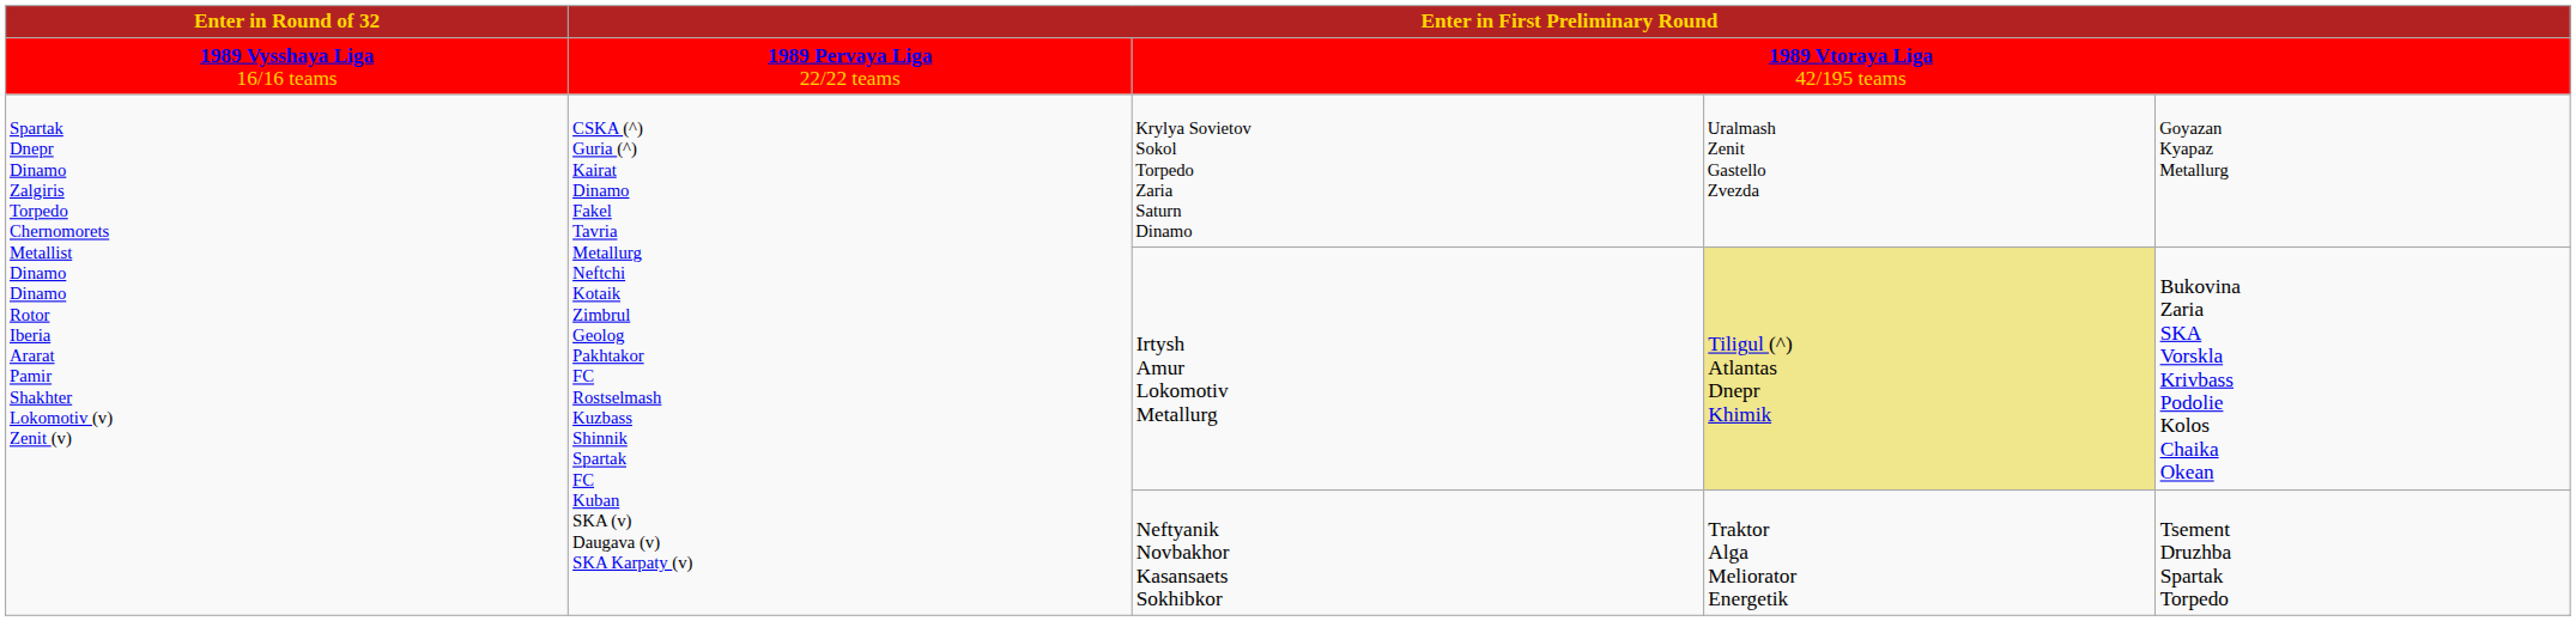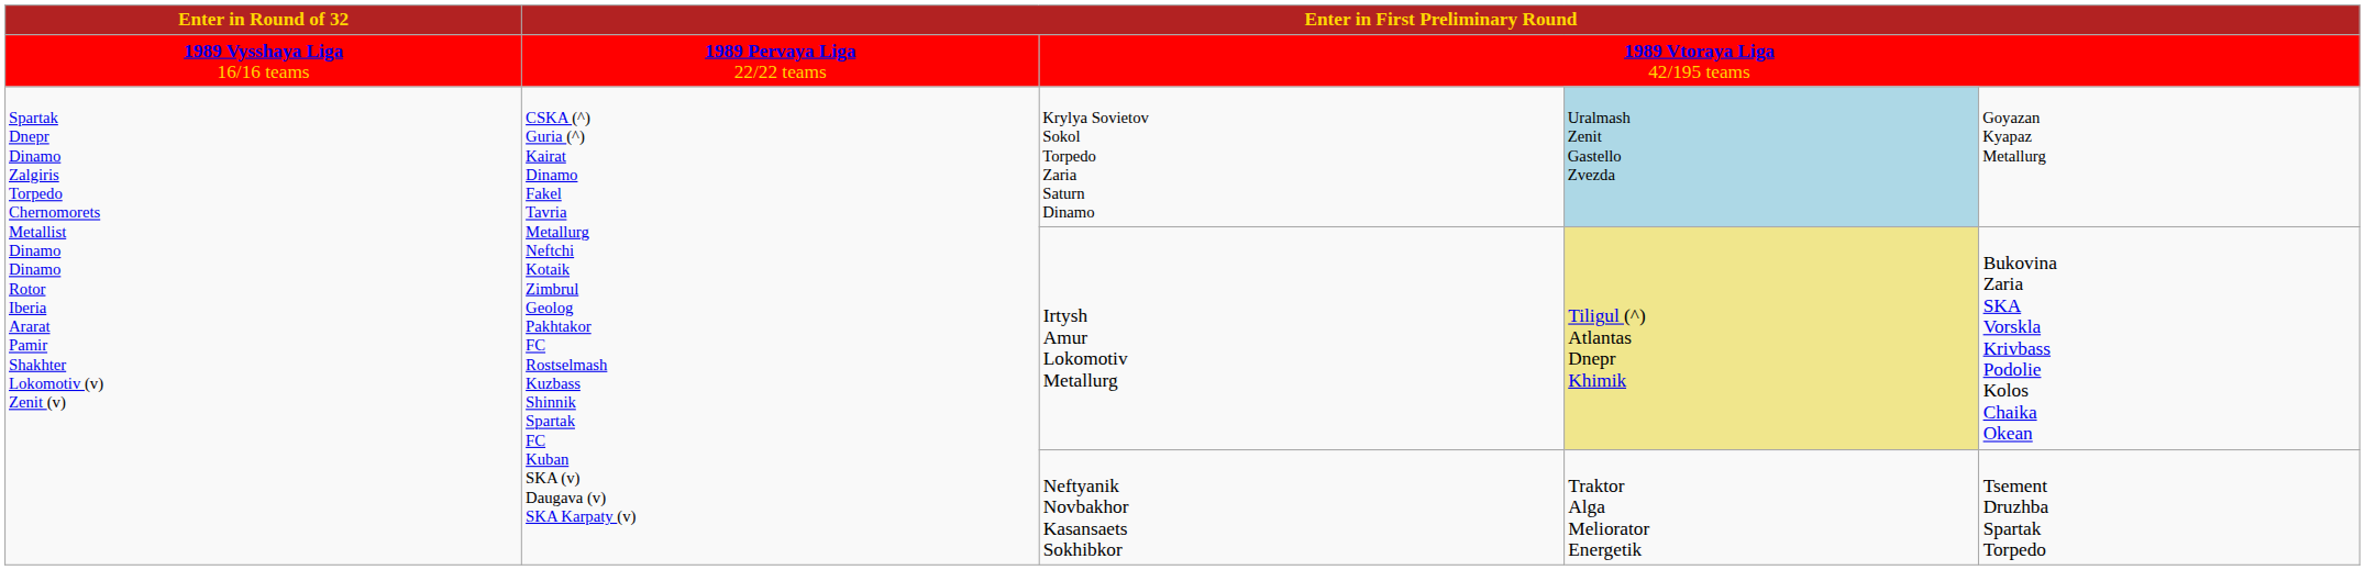 <table class="wikitable" style="width:100%;">
 <tr style="background:Firebrick; text-align:center;">
 <td style="width:18%; color:Gold" colspan="1"><strong>Enter in Round of 32</strong></td>
 <td style="width:82%; color:Gold" colspan="4"><strong>Enter in First Preliminary Round</strong></td>
 </tr>
 <tr style="background:Red;">
 <td style="text-align:center; width:18%; color:Gold"><strong><a href='#'><span>1989 Vysshaya Liga</span></a></strong><br>16/16 teams</td>
 <td style="text-align:center; width:18%; color:Gold"><strong><a href='#'><span>1989 Pervaya Liga</span></a></strong><br>22/22 teams</td>
 <td style="text-align:center; width:46%; color:Gold" colspan=3><strong><a href='#'><span>1989 Vtoraya Liga</span></a></strong><br>42/195 teams</td>
 </tr>
 <tr style="vertical-align:top; font-size:85%;">
 <td rowspan=3><br> <a href='#'>Spartak </a><br>  <a href='#'>Dnepr </a><br>  <a href='#'>Dinamo </a><br>  <a href='#'>Zalgiris </a><br>  <a href='#'>Torpedo </a><br>  <a href='#'>Chernomorets </a><br>  <a href='#'>Metallist </a><br>  <a href='#'>Dinamo </a><br>  <a href='#'>Dinamo </a><br>  <a href='#'>Rotor </a><br>  <a href='#'>Iberia </a><br>  <a href='#'>Ararat </a><br>  <a href='#'>Pamir </a><br>  <a href='#'>Shakhter </a><br>  <a href='#'>Lokomotiv </a> (v)<br>  <a href='#'>Zenit </a> (v)<br></td>
 <td rowspan=3><br> <a href='#'>CSKA </a> (^)<br>  <a href='#'>Guria </a> (^)<br>  <a href='#'>Kairat </a><br>  <a href='#'>Dinamo </a><br>  <a href='#'>Fakel </a><br>  <a href='#'>Tavria </a><br>  <a href='#'>Metallurg </a><br>  <a href='#'>Neftchi </a><br>  <a href='#'>Kotaik </a><br>  <a href='#'>Zimbrul </a><br>  <a href='#'>Geolog </a><br>  <a href='#'>Pakhtakor </a><br>  <a href='#'>FC </a><br>  <a href='#'>Rostselmash </a><br>  <a href='#'>Kuzbass </a><br>  <a href='#'>Shinnik </a><br>  <a href='#'>Spartak </a><br>  <a href='#'>FC </a><br>  <a href='#'>Kuban </a><br>  SKA  (v)<br>  Daugava  (v)<br>  <a href='#'>SKA Karpaty </a> (v)<br></td>
 <td><br> Krylya Sovietov <br>  Sokol <br>  Torpedo <br>  Zaria <br>  Saturn <br>  Dinamo <br></td>
-<td><br> Uralmash <br>  Zenit <br>  Gastello <br>  Zvezda <br></td>
+<td style="background: lightblue;"><br> Uralmash <br>  Zenit <br>  Gastello <br>  Zvezda <br></td>
 <td><br> Goyazan <br>  Kyapaz <br>  Metallurg <br></td>
 </tr>
 <tr>
 <td><br> Irtysh <br>  Amur <br>  Lokomotiv <br>  Metallurg <br></td>
 <td style="background: khaki;"><br> <a href='#'>Tiligul </a> (^)<br>  Atlantas <br>  Dnepr <br>  <a href='#'>Khimik </a><br></td>
 <td><br> Bukovina <br>  Zaria <br>  <a href='#'>SKA </a><br>  <a href='#'>Vorskla </a><br>  <a href='#'>Krivbass </a><br>  <a href='#'>Podolie </a><br>  Kolos <br>  <a href='#'>Chaika </a><br>  <a href='#'>Okean </a><br></td>
 </tr>
 <tr>
 <td><br> Neftyanik <br>  Novbakhor <br>  Kasansaets <br>  Sokhibkor <br></td>
 <td><br> Traktor <br>  Alga <br>  Meliorator <br>  Energetik <br></td>
 <td><br> Tsement <br>  Druzhba <br>  Spartak <br>  Torpedo <br></td>
 </tr>
 </table>
